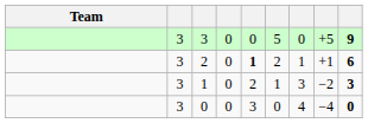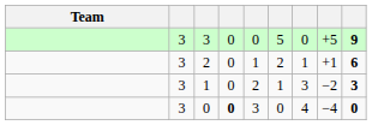 <table class="wikitable" style="text-align: center;">
 <tr>
 <th width="175">Team</th>
 <th width="20"></th>
 <th width="20"></th>
 <th width="20"></th>
 <th width="20"></th>
 <th width="20"></th>
 <th width="20"></th>
 <th width="20"></th>
 <th width="20"></th>
 </tr>
 <tr bgcolor="#ccffcc">
 <td align=left><em></em></td>
 <td>3</td>
 <td>3</td>
 <td>0</td>
 <td>0</td>
 <td>5</td>
 <td>0</td>
 <td>+5</td>
 <td><strong>9</strong></td>
 </tr>
 <tr bgcolor=>
 <td align=left></td>
 <td>3</td>
 <td>2</td>
 <td>0</td>
-<td><strong>1</strong></td>
+<td>1</td>
 <td>2</td>
 <td>1</td>
 <td>+1</td>
 <td><strong>6</strong></td>
 </tr>
 <tr bgcolor=>
 <td align=left></td>
 <td>3</td>
 <td>1</td>
 <td>0</td>
 <td>2</td>
 <td>1</td>
 <td>3</td>
 <td>−2</td>
 <td><strong>3</strong></td>
 </tr>
 <tr bgcolor=>
 <td align=left></td>
 <td>3</td>
 <td>0</td>
-<td>0</td>
+<td><strong>0</strong></td>
 <td>3</td>
 <td>0</td>
 <td>4</td>
 <td>−4</td>
 <td><strong>0</strong></td>
 </tr>
 </table>
